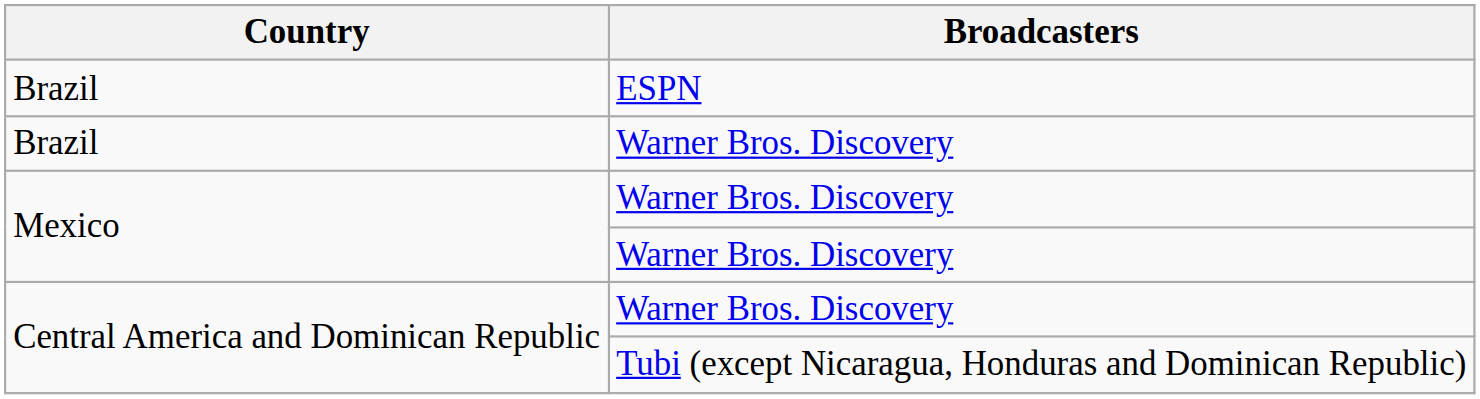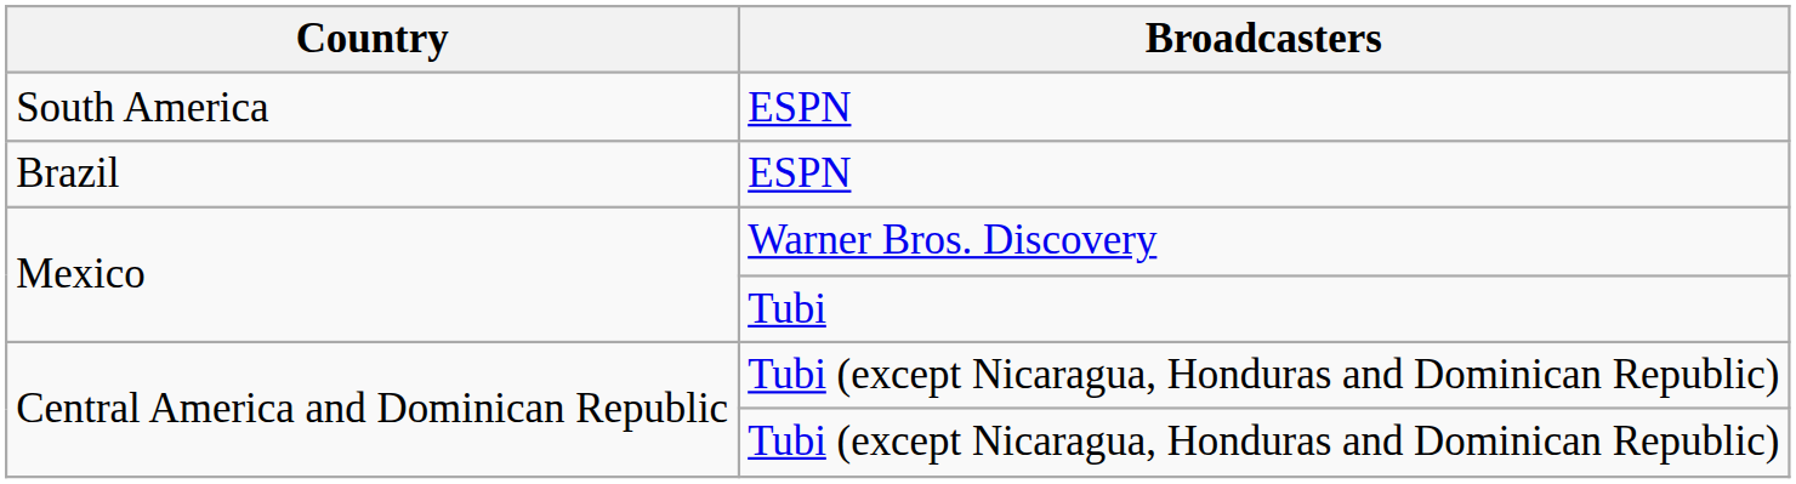 <table class="wikitable sortable">
 <tr>
 <th>Country</th>
 <th>Broadcasters</th>
 </tr>
 <tr>
-<td>Brazil</td>
+<td>South America</td>
 <td><a href='#'>ESPN</a></td>
 </tr>
 <tr>
 <td>Brazil</td>
-<td><a href='#'>Warner Bros. Discovery</a></td>
+<td><a href='#'>ESPN</a></td>
 </tr>
 <tr>
 <td rowspan="2">Mexico</td>
 <td><a href='#'>Warner Bros. Discovery</a></td>
 </tr>
 <tr>
-<td><a href='#'>Warner Bros. Discovery</a></td>
+<td><a href='#'>Tubi</a></td>
 </tr>
 <tr>
 <td rowspan="2">Central America and Dominican Republic</td>
-<td><a href='#'>Warner Bros. Discovery</a></td>
+<td><a href='#'>Tubi</a> (except Nicaragua, Honduras and Dominican Republic)</td>
 </tr>
 <tr>
 <td><a href='#'>Tubi</a> (except Nicaragua, Honduras and Dominican Republic)</td>
 </tr>
 </table>
